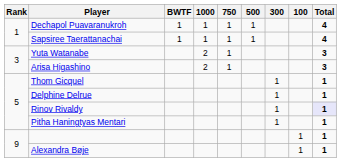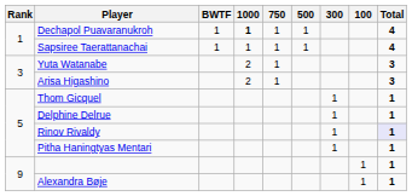 <table class="wikitable" style="font-size:80%; text-align:center">
 <tr>
 <th width="30">Rank</th>
 <th width="200">Player</th>
 <th width="30">BWTF</th>
 <th width="30">1000</th>
 <th width="30">750</th>
 <th width="30">500</th>
 <th width="30">300</th>
 <th width="30">100</th>
 <th width="30">Total</th>
 </tr>
 <tr>
 <td rowspan=2>1</td>
 <td align="left"> <a href='#'>Dechapol Puavaranukroh</a></td>
 <td>1</td>
-<td>1</td>
+<td><strong>1</strong></td>
 <td>1</td>
 <td>1</td>
 <td></td>
 <td></td>
 <td><strong>4</strong></td>
 </tr>
 <tr>
 <td align="left"> <a href='#'>Sapsiree Taerattanachai</a></td>
 <td>1</td>
 <td>1</td>
 <td>1</td>
 <td>1</td>
 <td></td>
 <td></td>
 <td><strong>4</strong></td>
 </tr>
 <tr>
 <td rowspan="2">3</td>
 <td align="left"> <a href='#'>Yuta Watanabe</a></td>
 <td></td>
 <td>2</td>
 <td>1</td>
 <td></td>
 <td></td>
 <td></td>
 <td><strong>3</strong></td>
 </tr>
 <tr>
 <td align="left"> <a href='#'>Arisa Higashino</a></td>
 <td></td>
 <td>2</td>
 <td>1</td>
 <td></td>
 <td></td>
 <td></td>
 <td><strong>3</strong></td>
 </tr>
 <tr>
 <td rowspan=4>5</td>
 <td align="left"> <a href='#'>Thom Gicquel</a></td>
 <td></td>
 <td></td>
 <td></td>
 <td></td>
 <td>1</td>
 <td></td>
 <td><strong>1</strong></td>
 </tr>
 <tr>
 <td align="left"> <a href='#'>Delphine Delrue</a></td>
 <td></td>
 <td></td>
 <td></td>
 <td></td>
 <td>1</td>
 <td></td>
 <td><strong>1</strong></td>
 </tr>
 <tr>
 <td align="left"> <a href='#'>Rinov Rivaldy</a></td>
 <td></td>
 <td></td>
 <td></td>
 <td></td>
 <td>1</td>
 <td></td>
 <td style="background: lavender;"><strong>1</strong></td>
 </tr>
 <tr>
 <td align="left" nowrap> <a href='#'>Pitha Haningtyas Mentari</a></td>
 <td></td>
 <td></td>
 <td></td>
 <td></td>
 <td>1</td>
 <td></td>
 <td><strong>1</strong></td>
 </tr>
 <tr>
 <td rowspan=2>9</td>
 <td align="left"></td>
 <td></td>
 <td></td>
 <td></td>
 <td></td>
 <td></td>
 <td>1</td>
 <td><strong>1</strong></td>
 </tr>
 <tr>
 <td align="left"> <a href='#'>Alexandra Bøje</a></td>
 <td></td>
 <td></td>
 <td></td>
 <td></td>
 <td></td>
 <td>1</td>
 <td><strong>1</strong></td>
 </tr>
 </table>
